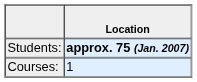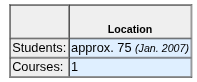 <table border="1" cellpadding="2" cellspacing="0" style="float:right; empty-cells:show; margin-left:1em;">
 <tr ---->
 <td bgcolor="#efefef" align="center" colspan=1></td>
 <td bgcolor="#efefef" align="center" colspan=2> <br><small><strong>Location</strong></small></td>
 </tr>
 <tr ---->
 <td bgcolor="#efefef">Students:</td>
-<td bgcolor="#dfefff"><strong>approx. 75 <small><em>(Jan. 2007)</em></small></strong></td>
+<td bgcolor="#dfefff">approx. 75 <small><em>(Jan. 2007)</em></small></td>
 </tr>
 <tr ---->
 <td bgcolor="#efefef">Courses:</td>
 <td bgcolor="#dfefff">1</td>
 </tr>
 </table>
